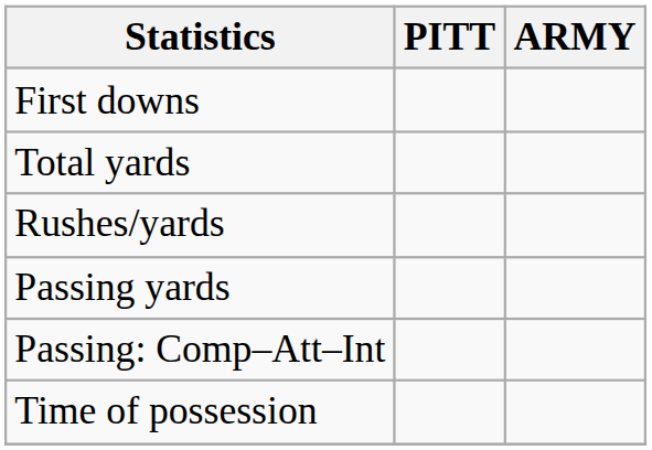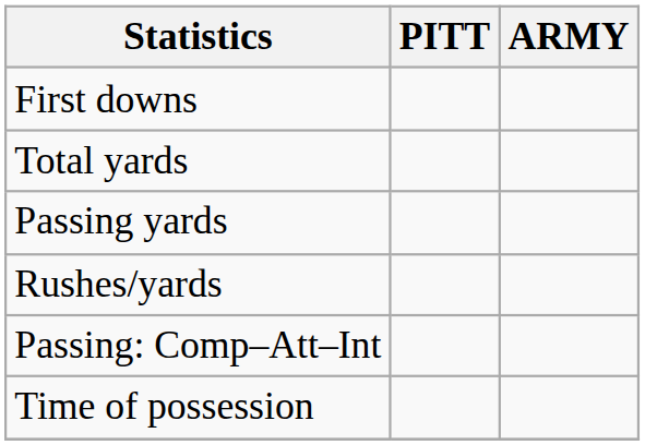 <table class="wikitable" style="float: left;">
 <tr>
 <th>Statistics</th>
 <th>PITT</th>
 <th>ARMY</th>
 </tr>
 <tr>
 <td>First downs</td>
 <td></td>
 <td></td>
 </tr>
 <tr>
 <td>Total yards</td>
 <td></td>
 <td></td>
 </tr>
 <tr>
-<td>Rushes/yards</td>
+<td>Passing yards</td>
 <td></td>
 <td></td>
 </tr>
 <tr>
-<td>Passing yards</td>
+<td>Rushes/yards</td>
 <td></td>
 <td></td>
 </tr>
 <tr>
 <td>Passing: Comp–Att–Int</td>
 <td></td>
 <td></td>
 </tr>
 <tr>
 <td>Time of possession</td>
 <td></td>
 <td></td>
 </tr>
 <tr>
 </tr>
 </table>
